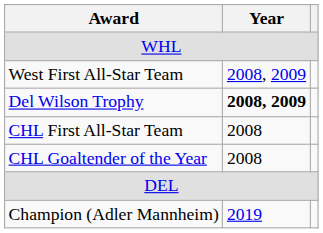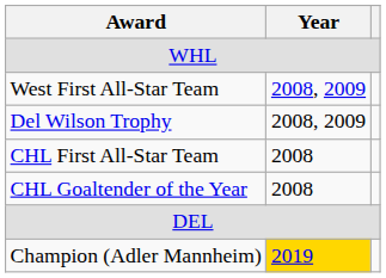 <table class="wikitable">
 <tr>
 <th>Award</th>
 <th>Year</th>
 <th></th>
 </tr>
 <tr ALIGN="center" bgcolor="#e0e0e0">
 <td colspan="3"><a href='#'>WHL</a></td>
 </tr>
 <tr>
 <td>West First All-Star Team</td>
 <td><a href='#'>2008</a>, <a href='#'>2009</a></td>
 <td></td>
 </tr>
 <tr>
 <td><a href='#'>Del Wilson Trophy</a></td>
-<td><strong>2008, 2009</strong></td>
+<td>2008, 2009</td>
 <td></td>
 </tr>
 <tr>
 <td><a href='#'>CHL</a> First All-Star Team</td>
 <td>2008</td>
 <td></td>
 </tr>
 <tr>
 <td><a href='#'>CHL Goaltender of the Year</a></td>
 <td>2008</td>
 <td></td>
 </tr>
 <tr ALIGN="center" bgcolor="#e0e0e0">
 <td colspan="3"><a href='#'>DEL</a></td>
 </tr>
 <tr>
 <td>Champion (Adler Mannheim)</td>
-<td><a href='#'>2019</a></td>
+<td style="background: gold;"><a href='#'>2019</a></td>
 <td></td>
 </tr>
 </table>
